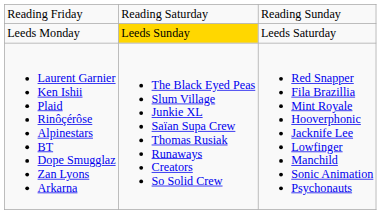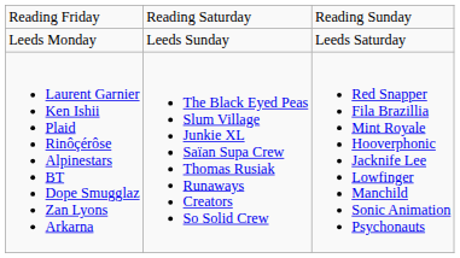 <table class="wikitable">
 <tr>
 <td>Reading Friday</td>
 <td>Reading Saturday</td>
 <td>Reading Sunday</td>
 </tr>
 <tr>
 <td>Leeds Monday</td>
-<td style="background: gold;">Leeds Sunday</td>
+<td>Leeds Sunday</td>
 <td>Leeds Saturday</td>
 </tr>
 <tr>
 <td><br><ul><li><a href='#'>Laurent Garnier</a></li><li><a href='#'>Ken Ishii</a></li><li><a href='#'>Plaid</a></li><li><a href='#'>Rinôçérôse</a></li><li><a href='#'>Alpinestars</a></li><li><a href='#'>BT</a></li><li><a href='#'>Dope Smugglaz</a></li><li><a href='#'>Zan Lyons</a></li><li><a href='#'>Arkarna</a></li></ul></td>
 <td><br><ul><li><a href='#'>The Black Eyed Peas</a></li><li><a href='#'>Slum Village</a></li><li><a href='#'>Junkie XL</a></li><li><a href='#'>Saïan Supa Crew</a></li><li><a href='#'>Thomas Rusiak</a></li><li><a href='#'>Runaways</a></li><li><a href='#'>Creators</a></li><li><a href='#'>So Solid Crew</a></li></ul></td>
 <td><br><ul><li><a href='#'>Red Snapper</a></li><li><a href='#'>Fila Brazillia</a></li><li><a href='#'>Mint Royale</a></li><li><a href='#'>Hooverphonic</a></li><li><a href='#'>Jacknife Lee</a></li><li><a href='#'>Lowfinger</a></li><li><a href='#'>Manchild</a></li><li><a href='#'>Sonic Animation</a></li><li><a href='#'>Psychonauts</a></li></ul></td>
 </tr>
 </table>
